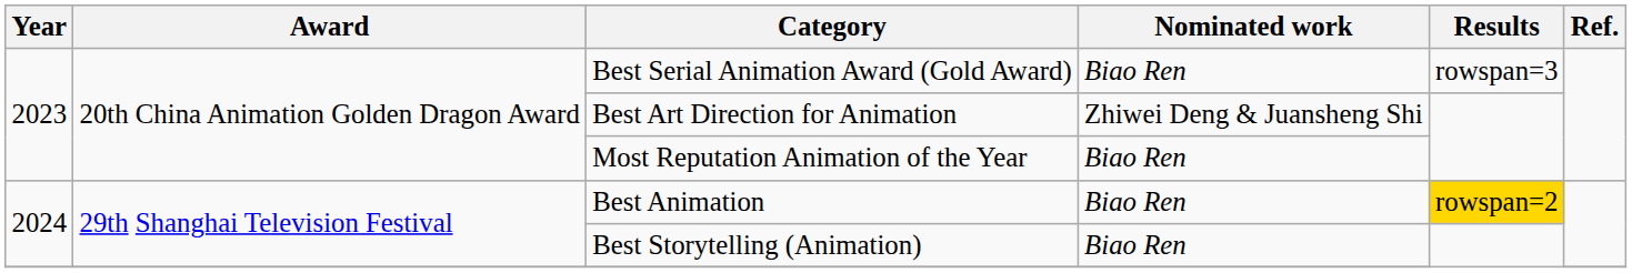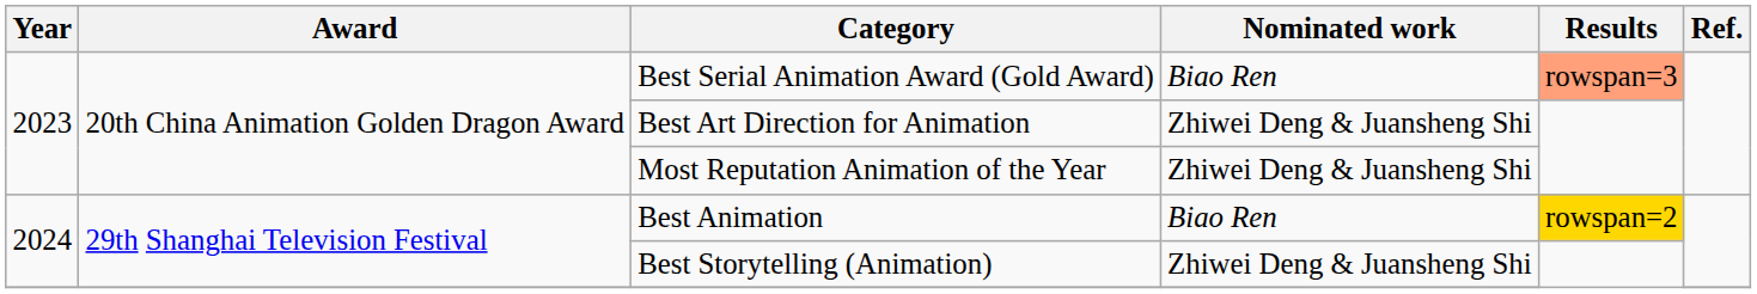 <table class="wikitable">
 <tr>
 <th>Year</th>
 <th>Award</th>
 <th>Category</th>
 <th>Nominated work</th>
 <th>Results</th>
 <th class="unsortable">Ref.</th>
 </tr>
 <tr>
 <td rowspan=3>2023</td>
 <td rowspan=3>20th China Animation Golden Dragon Award</td>
 <td>Best Serial Animation Award (Gold Award)</td>
 <td><em>Biao Ren</em></td>
-<td>rowspan=3 </td>
+<td style="background: lightsalmon;">rowspan=3 </td>
 <td rowspan=3></td>
 </tr>
 <tr>
 <td>Best Art Direction for Animation</td>
 <td>Zhiwei Deng & Juansheng Shi</td>
 </tr>
 <tr>
 <td>Most Reputation Animation of the Year</td>
-<td><em>Biao Ren</em></td>
+<td>Zhiwei Deng & Juansheng Shi</td>
 </tr>
 <tr>
 <td rowspan=2>2024</td>
 <td rowspan=2><a href='#'>29th</a> <a href='#'>Shanghai Television Festival</a></td>
 <td>Best Animation</td>
 <td><em>Biao Ren</em></td>
 <td style="background: gold;">rowspan=2 </td>
 <td rowspan=2></td>
 </tr>
 <tr>
 <td>Best Storytelling (Animation)</td>
-<td><em>Biao Ren</em></td>
+<td>Zhiwei Deng & Juansheng Shi</td>
 </tr>
 <tr>
 </tr>
 </table>
